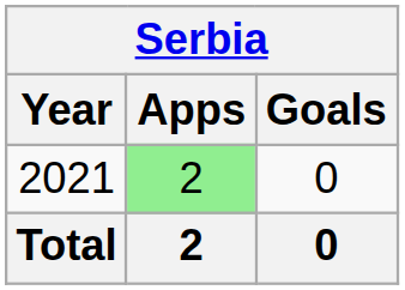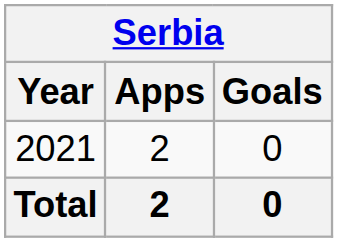 <table class="wikitable" style="text-align:center">
 <tr>
 <th colspan=3><a href='#'>Serbia</a></th>
 </tr>
 <tr>
 <th>Year</th>
 <th>Apps</th>
 <th>Goals</th>
 </tr>
 <tr>
 <td>2021</td>
-<td style="background: lightgreen;">2</td>
+<td>2</td>
 <td>0</td>
 </tr>
 <tr>
 <th>Total</th>
 <th>2</th>
 <th>0</th>
 </tr>
 </table>
